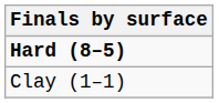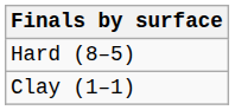 <table class=wikitable style=font-size:97%>
 <tr>
 <th>Finals by surface</th>
 </tr>
 <tr>
-<td><strong>Hard (8–5)</strong></td>
+<td>Hard (8–5)</td>
 </tr>
 <tr>
 <td>Clay (1–1)</td>
 </tr>
 </table>
